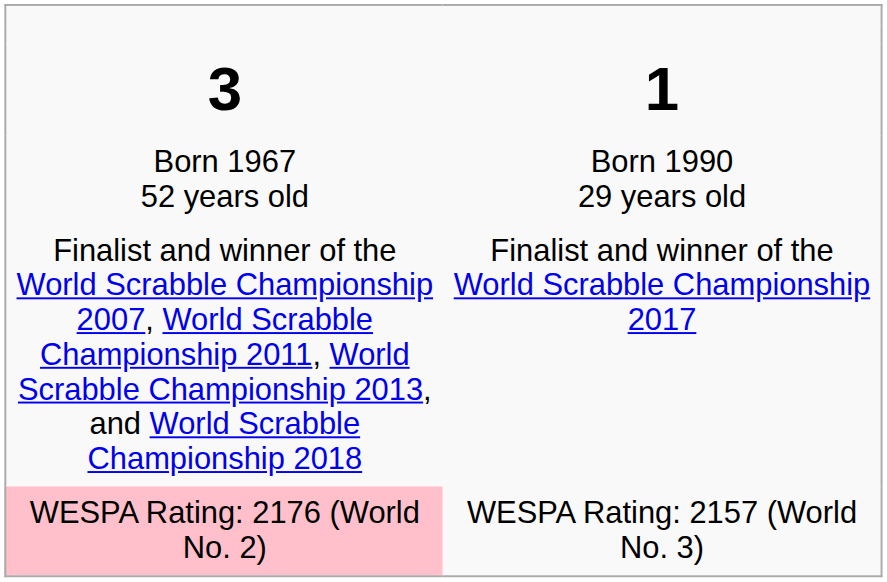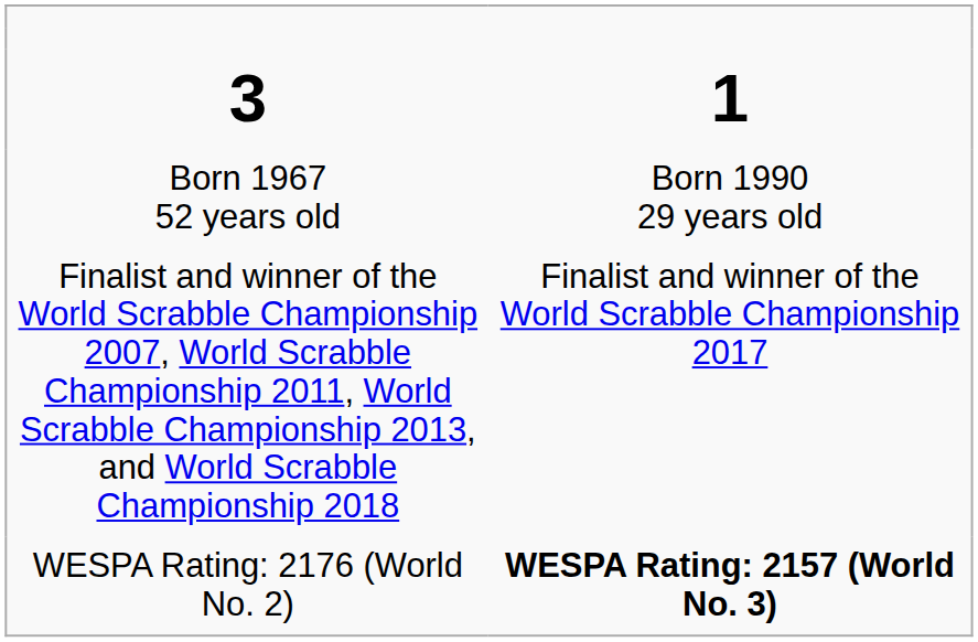 <table class="infobox" cellpadding="5" cellspacing="0" style="width:36%; border-collapse:collapse; text-align:center;">
 <tr>
 <td width=33%></td>
 <td width=33%></td>
 </tr>
 <tr>
 <td></td>
 <td></td>
 </tr>
 <tr style="font-size:200%;">
 <td><strong>3</strong></td>
 <td><strong>1</strong></td>
 </tr>
 <tr>
 <td>Born 1967<br>52 years old</td>
 <td>Born 1990<br>29 years old</td>
 </tr>
 <tr>
 <td>Finalist and winner of the <a href='#'>World Scrabble Championship 2007</a>, <a href='#'>World Scrabble Championship 2011</a>, <a href='#'>World Scrabble Championship 2013</a>, and <a href='#'>World Scrabble Championship 2018</a></td>
 <td>Finalist and winner of the <a href='#'>World Scrabble Championship 2017</a></td>
 </tr>
 <tr>
-<td style="background: pink;">WESPA Rating: 2176 (World No. 2)</td>
-<td>WESPA Rating: 2157 (World No. 3)</td>
+<td>WESPA Rating: 2176 (World No. 2)</td>
+<td><strong>WESPA Rating: 2157 (World No. 3)</strong></td>
 </tr>
 <tr>
 </tr>
 </table>
